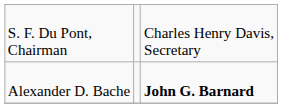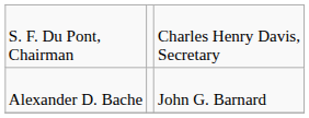 <table style="float: right; margin-left:2em" class="wikitable"class="wikitable">
 <tr>
 <td><br>S. F. Du Pont,<br>Chairman</td>
 <td></td>
 <td><br>Charles Henry Davis,<br>Secretary</td>
 </tr>
 <tr>
 <td><br>Alexander D. Bache</td>
 <td></td>
-<td><strong><br>John G. Barnard</strong></td>
+<td><br>John G. Barnard</td>
 </tr>
 <tr>
 </tr>
 </table>
